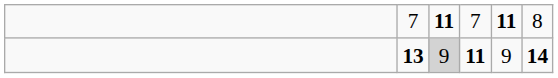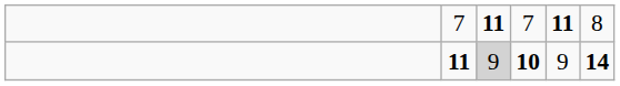 <table class="wikitable">
 <tr>
 <td style="width:18em"></td>
 <td align=center style="width:1em">7</td>
 <td align=center style="width:1em"><strong>11</strong></td>
 <td align=center style="width:1em">7</td>
 <td align=center style="width:1em"><strong>11</strong></td>
 <td align=center style="width:1em">8</td>
 </tr>
 <tr>
 <td style="width:18em"><strong> </strong></td>
-<td align=center style="width:1em"><strong>13</strong></td>
+<td align=center style="width:1em"><strong>11</strong></td>
 <td align=center style="background: lightgrey; width:1em">9</td>
-<td align=center style="width:1em"><strong>11</strong></td>
+<td align=center style="width:1em"><strong>10</strong></td>
 <td align=center style="width:1em">9</td>
 <td align=center style="width:1em"><strong>14</strong></td>
 </tr>
 </table>
